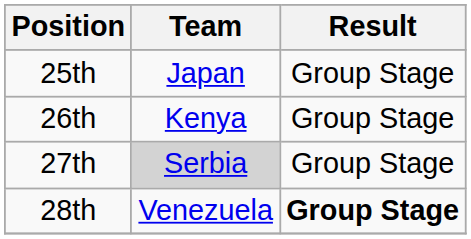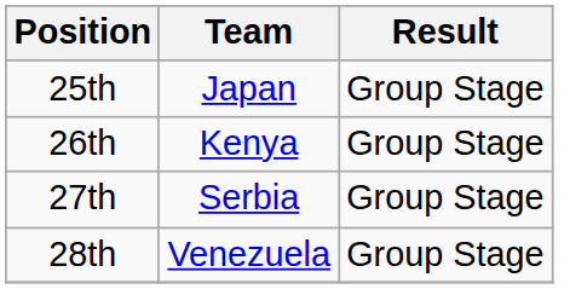 <table class="wikitable" style="text-align: center;">
 <tr>
 <th>Position</th>
 <th>Team</th>
 <th>Result</th>
 </tr>
 <tr>
 <td>25th</td>
 <td> <a href='#'>Japan</a></td>
 <td>Group Stage</td>
 </tr>
 <tr>
 <td>26th</td>
 <td> <a href='#'>Kenya</a></td>
 <td>Group Stage</td>
 </tr>
 <tr>
 <td>27th</td>
-<td style="background: lightgrey;"> <a href='#'>Serbia</a></td>
+<td> <a href='#'>Serbia</a></td>
 <td>Group Stage</td>
 </tr>
 <tr>
 <td>28th</td>
 <td> <a href='#'>Venezuela</a></td>
-<td><strong>Group Stage</strong></td>
+<td>Group Stage</td>
 </tr>
 <tr>
 </tr>
 </table>
